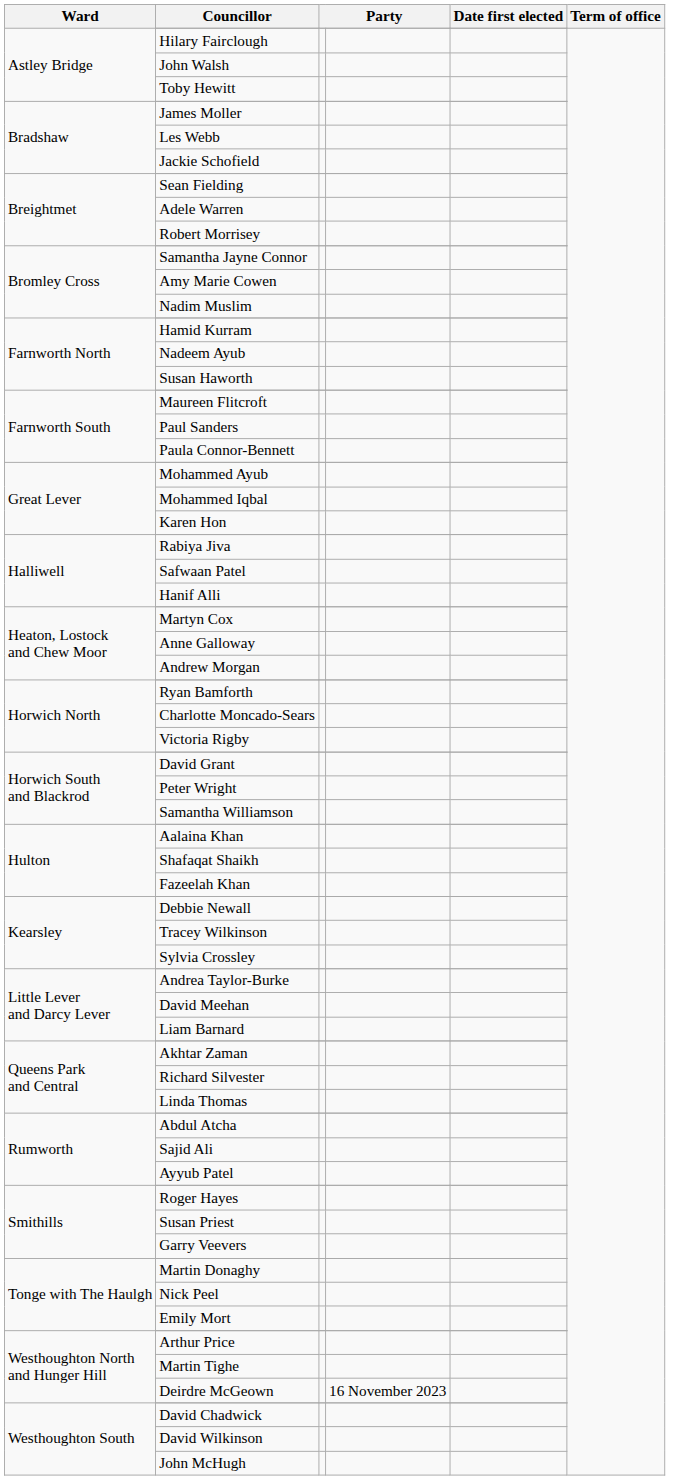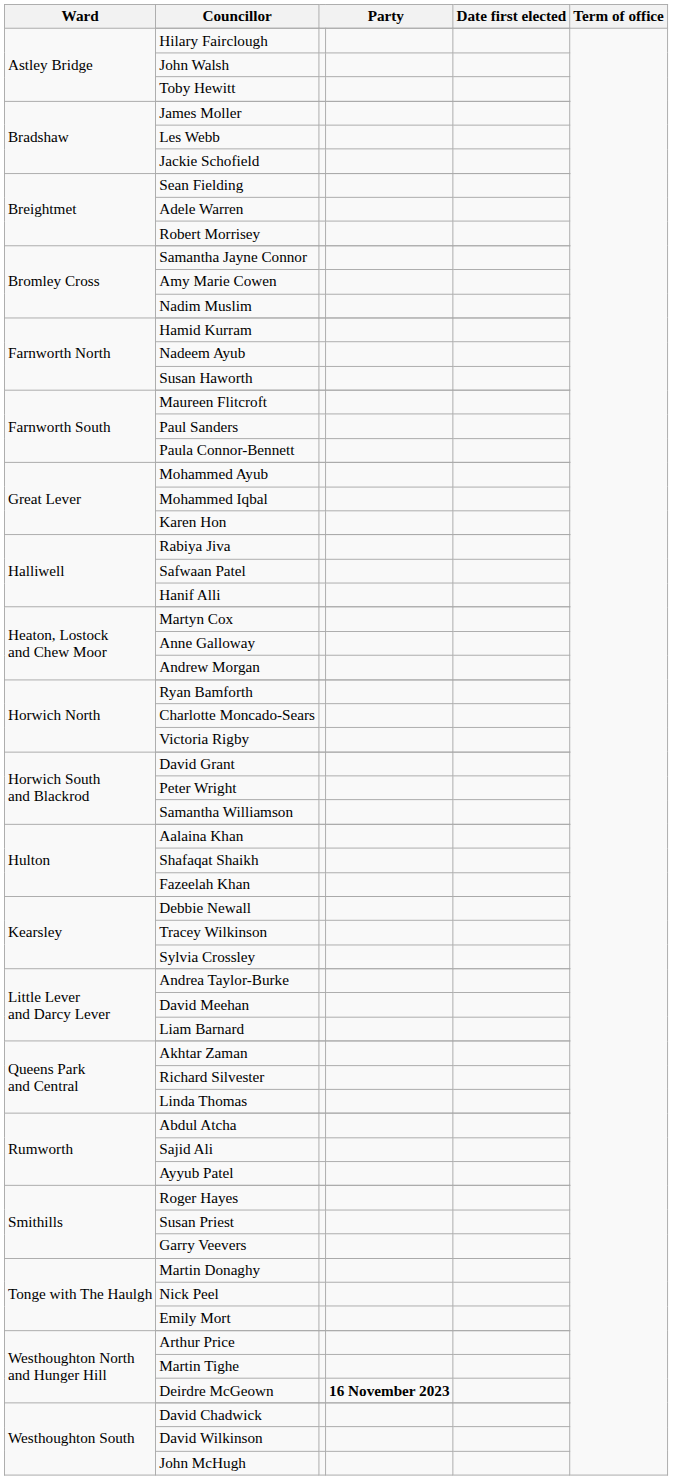 <table class="wikitable">
 <tr>
 <th>Ward</th>
 <th>Councillor</th>
 <th colspan="2">Party</th>
 <th>Date first elected</th>
 <th>Term of office</th>
 </tr>
 <tr>
 <td rowspan="4">Astley Bridge</td>
 </tr>
 <tr>
 <td>Hilary Fairclough</td>
 <td></td>
 <td></td>
 <td></td>
 </tr>
 <tr>
 <td>John Walsh</td>
 <td></td>
 <td></td>
 <td></td>
 </tr>
 <tr>
 <td>Toby Hewitt</td>
 <td></td>
 <td></td>
 <td></td>
 </tr>
 <tr>
 <td rowspan="4">Bradshaw</td>
 </tr>
 <tr>
 <td>James Moller</td>
 <td></td>
 <td></td>
 <td></td>
 </tr>
 <tr>
 <td>Les Webb</td>
 <td></td>
 <td></td>
 <td></td>
 </tr>
 <tr>
 <td>Jackie Schofield</td>
 <td></td>
 <td></td>
 <td></td>
 </tr>
 <tr>
 <td rowspan="4">Breightmet</td>
 </tr>
 <tr>
 <td>Sean Fielding</td>
 <td></td>
 <td></td>
 <td></td>
 </tr>
 <tr>
 <td>Adele Warren</td>
 <td></td>
 <td></td>
 <td></td>
 </tr>
 <tr>
 <td>Robert Morrisey</td>
 <td></td>
 <td></td>
 <td></td>
 </tr>
 <tr>
 <td rowspan="4">Bromley Cross</td>
 </tr>
 <tr>
 <td>Samantha Jayne Connor</td>
 <td></td>
 <td></td>
 <td></td>
 </tr>
 <tr>
 <td>Amy Marie Cowen</td>
 <td></td>
 <td></td>
 <td></td>
 </tr>
 <tr>
 <td>Nadim Muslim</td>
 <td></td>
 <td></td>
 <td></td>
 </tr>
 <tr>
 <td rowspan="4">Farnworth North</td>
 </tr>
 <tr>
 <td>Hamid Kurram</td>
 <td></td>
 <td></td>
 <td></td>
 </tr>
 <tr>
 <td>Nadeem Ayub</td>
 <td></td>
 <td></td>
 <td></td>
 </tr>
 <tr>
 <td>Susan Haworth</td>
 <td></td>
 <td></td>
 <td></td>
 </tr>
 <tr>
 <td rowspan="4">Farnworth South</td>
 </tr>
 <tr>
 <td>Maureen Flitcroft</td>
 <td></td>
 <td></td>
 <td></td>
 </tr>
 <tr>
 <td>Paul Sanders</td>
 <td></td>
 <td></td>
 <td></td>
 </tr>
 <tr>
 <td>Paula Connor-Bennett</td>
 <td></td>
 <td></td>
 <td></td>
 </tr>
 <tr>
 <td rowspan="4">Great Lever</td>
 </tr>
 <tr>
 <td>Mohammed Ayub</td>
 <td></td>
 <td></td>
 <td></td>
 </tr>
 <tr>
 <td>Mohammed Iqbal</td>
 <td></td>
 <td></td>
 <td></td>
 </tr>
 <tr>
 <td>Karen Hon</td>
 <td></td>
 <td></td>
 <td></td>
 </tr>
 <tr>
 <td rowspan="4">Halliwell</td>
 </tr>
 <tr>
 <td>Rabiya Jiva</td>
 <td></td>
 <td></td>
 <td></td>
 </tr>
 <tr>
 <td>Safwaan Patel</td>
 <td></td>
 <td></td>
 <td></td>
 </tr>
 <tr>
 <td>Hanif Alli</td>
 <td></td>
 <td></td>
 <td></td>
 </tr>
 <tr>
 <td rowspan="4">Heaton, Lostock <br>and Chew Moor</td>
 </tr>
 <tr>
 <td>Martyn Cox</td>
 <td></td>
 <td></td>
 <td></td>
 </tr>
 <tr>
 <td>Anne Galloway</td>
 <td></td>
 <td></td>
 <td></td>
 </tr>
 <tr>
 <td>Andrew Morgan</td>
 <td></td>
 <td></td>
 <td></td>
 </tr>
 <tr>
 <td rowspan="4">Horwich North</td>
 </tr>
 <tr>
 <td>Ryan Bamforth</td>
 <td></td>
 <td></td>
 <td></td>
 </tr>
 <tr>
 <td>Charlotte Moncado-Sears</td>
 <td></td>
 <td></td>
 <td></td>
 </tr>
 <tr>
 <td>Victoria Rigby</td>
 <td></td>
 <td></td>
 <td></td>
 </tr>
 <tr>
 <td rowspan="4">Horwich South <br>and Blackrod</td>
 </tr>
 <tr>
 <td>David Grant</td>
 <td></td>
 <td></td>
 <td></td>
 </tr>
 <tr>
 <td>Peter Wright</td>
 <td></td>
 <td></td>
 <td></td>
 </tr>
 <tr>
 <td>Samantha Williamson</td>
 <td></td>
 <td></td>
 <td></td>
 </tr>
 <tr>
 <td rowspan="4">Hulton</td>
 </tr>
 <tr>
 <td>Aalaina Khan</td>
 <td></td>
 <td></td>
 <td></td>
 </tr>
 <tr>
 <td>Shafaqat Shaikh</td>
 <td></td>
 <td></td>
 <td></td>
 </tr>
 <tr>
 <td>Fazeelah Khan</td>
 <td></td>
 <td></td>
 <td></td>
 </tr>
 <tr>
 <td rowspan="4">Kearsley</td>
 </tr>
 <tr>
 <td>Debbie Newall</td>
 <td></td>
 <td></td>
 <td></td>
 </tr>
 <tr>
 <td>Tracey Wilkinson</td>
 <td></td>
 <td></td>
 <td></td>
 </tr>
 <tr>
 <td>Sylvia Crossley</td>
 <td></td>
 <td></td>
 <td></td>
 </tr>
 <tr>
 <td rowspan="4">Little Lever <br>and Darcy Lever</td>
 </tr>
 <tr>
 <td>Andrea Taylor-Burke</td>
 <td></td>
 <td></td>
 <td></td>
 </tr>
 <tr>
 <td>David Meehan</td>
 <td></td>
 <td></td>
 <td></td>
 </tr>
 <tr>
 <td>Liam Barnard</td>
 <td></td>
 <td></td>
 <td></td>
 </tr>
 <tr>
 <td rowspan="4">Queens Park <br>and Central</td>
 </tr>
 <tr>
 <td>Akhtar Zaman</td>
 <td></td>
 <td></td>
 <td></td>
 </tr>
 <tr>
 <td>Richard Silvester</td>
 <td></td>
 <td></td>
 <td></td>
 </tr>
 <tr>
 <td>Linda Thomas</td>
 <td></td>
 <td></td>
 <td></td>
 </tr>
 <tr>
 <td rowspan="4">Rumworth</td>
 </tr>
 <tr>
 <td>Abdul Atcha</td>
 <td></td>
 <td></td>
 <td></td>
 </tr>
 <tr>
 <td>Sajid Ali</td>
 <td></td>
 <td></td>
 <td></td>
 </tr>
 <tr>
 <td>Ayyub Patel</td>
 <td></td>
 <td></td>
 <td></td>
 </tr>
 <tr>
 <td rowspan="4">Smithills</td>
 </tr>
 <tr>
 <td>Roger Hayes</td>
 <td></td>
 <td></td>
 <td></td>
 </tr>
 <tr>
 <td>Susan Priest</td>
 <td></td>
 <td></td>
 <td></td>
 </tr>
 <tr>
 <td>Garry Veevers</td>
 <td></td>
 <td></td>
 <td></td>
 </tr>
 <tr>
 <td rowspan="4">Tonge with The Haulgh</td>
 </tr>
 <tr>
 <td>Martin Donaghy</td>
 <td></td>
 <td></td>
 <td></td>
 </tr>
 <tr>
 <td>Nick Peel</td>
 <td></td>
 <td></td>
 <td></td>
 </tr>
 <tr>
 <td>Emily Mort</td>
 <td></td>
 <td></td>
 <td></td>
 </tr>
 <tr>
 <td rowspan="4">Westhoughton North <br>and Hunger Hill</td>
 </tr>
 <tr>
 <td>Arthur Price</td>
 <td></td>
 <td></td>
 <td></td>
 </tr>
 <tr>
 <td>Martin Tighe</td>
 <td></td>
 <td></td>
 <td></td>
 </tr>
 <tr>
 <td>Deirdre McGeown</td>
 <td></td>
-<td {{centre>16 November 2023</td>
+<td {{centre><strong>16 November 2023</strong></td>
 <td></td>
 </tr>
 <tr>
 <td rowspan="4">Westhoughton South</td>
 </tr>
 <tr>
 <td>David Chadwick</td>
 <td></td>
 <td></td>
 <td></td>
 </tr>
 <tr>
 <td>David Wilkinson</td>
 <td></td>
 <td></td>
 <td></td>
 </tr>
 <tr>
 <td>John McHugh</td>
 <td></td>
 <td></td>
 <td></td>
 </tr>
 </table>
